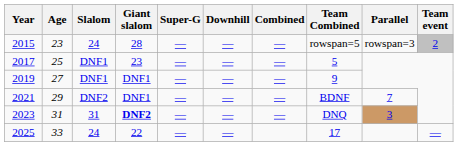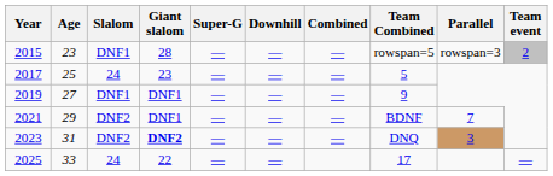 <table class=wikitable style="text-align:center">
 <tr>
 <th>  Year  </th>
 <th> Age </th>
 <th> Slalom </th>
 <th> Giant <br> slalom </th>
 <th>Super-G</th>
 <th>Downhill</th>
 <th>Combined</th>
 <th>Team<br>Combined</th>
 <th>Parallel</th>
 <th>Team<br> event </th>
 </tr>
 <tr>
 <td><a href='#'>2015</a></td>
 <td><em>23</em></td>
-<td><a href='#'>24</a></td>
+<td><a href='#'>DNF1</a></td>
 <td><a href='#'>28</a></td>
 <td><a href='#'>—</a></td>
 <td><a href='#'>—</a></td>
 <td><a href='#'>—</a></td>
 <td>rowspan=5</td>
 <td>rowspan=3</td>
 <td style="background:silver;"><a href='#'>2</a></td>
 </tr>
 <tr>
 <td><a href='#'>2017</a></td>
 <td><em>25</em></td>
-<td><a href='#'>DNF1</a></td>
+<td><a href='#'>24</a></td>
 <td><a href='#'>23</a></td>
 <td><a href='#'>—</a></td>
 <td><a href='#'>—</a></td>
 <td><a href='#'>—</a></td>
 <td><a href='#'>5</a></td>
 </tr>
 <tr>
 <td><a href='#'>2019</a></td>
 <td><em>27</em></td>
 <td><a href='#'>DNF1</a></td>
 <td><a href='#'>DNF1</a></td>
 <td><a href='#'>—</a></td>
 <td><a href='#'>—</a></td>
 <td><a href='#'>—</a></td>
 <td><a href='#'>9</a></td>
 </tr>
 <tr>
 <td><a href='#'>2021</a></td>
 <td><em>29</em></td>
 <td><a href='#'>DNF2</a></td>
 <td><a href='#'>DNF1</a></td>
 <td><a href='#'>—</a></td>
 <td><a href='#'>—</a></td>
 <td><a href='#'>—</a></td>
 <td><a href='#'>BDNF</a></td>
 <td><a href='#'>7</a></td>
 </tr>
 <tr>
 <td><a href='#'>2023</a></td>
 <td><em>31</em></td>
-<td><a href='#'>31</a></td>
+<td><a href='#'>DNF2</a></td>
 <td><strong><a href='#'>DNF2</a></strong></td>
 <td><a href='#'>—</a></td>
 <td><a href='#'>—</a></td>
 <td><a href='#'>—</a></td>
 <td><a href='#'>DNQ</a></td>
 <td bgcolor="cc9966"><a href='#'>3</a></td>
 </tr>
 <tr>
 <td><a href='#'>2025</a></td>
 <td><em>33</em></td>
 <td><a href='#'>24</a></td>
 <td><a href='#'>22</a></td>
 <td><a href='#'>—</a></td>
 <td><a href='#'>—</a></td>
 <td></td>
 <td><a href='#'>17</a></td>
 <td></td>
 <td><a href='#'>—</a></td>
 </tr>
 </table>
